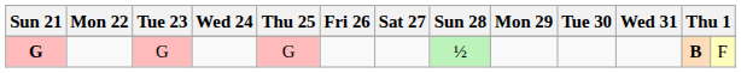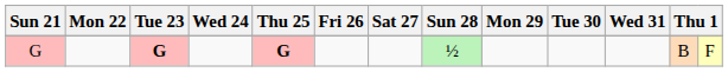 <table class="wikitable" style="margin:0.5em auto; font-size:90%; line-height:1.25em;">
 <tr align="center">
 <th>Sun 21</th>
 <th>Mon 22</th>
 <th>Tue 23</th>
 <th>Wed 24</th>
 <th>Thu 25</th>
 <th>Fri 26</th>
 <th>Sat 27</th>
 <th>Sun 28</th>
 <th>Mon 29</th>
 <th>Tue 30</th>
 <th>Wed 31</th>
 <th colspan="2">Thu 1</th>
 </tr>
 <tr>
 </tr>
 <tr align="center">
+<td bgcolor="#FFBBBB">G</td>
+<td></td>
 <td bgcolor="#FFBBBB"><strong>G</strong></td>
 <td></td>
-<td bgcolor="#FFBBBB">G</td>
-<td></td>
-<td bgcolor="#FFBBBB">G</td>
+<td bgcolor="#FFBBBB"><strong>G</strong></td>
 <td></td>
 <td></td>
 <td bgcolor="#BBF3BB">½</td>
 <td></td>
 <td></td>
 <td></td>
-<td bgcolor="#FEDCBA"><strong>B</strong></td>
+<td bgcolor="#FEDCBA">B</td>
 <td bgcolor="#FFFFBB">F</td>
 </tr>
 </table>
